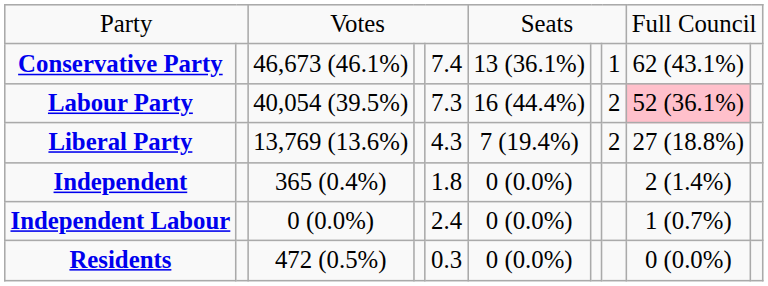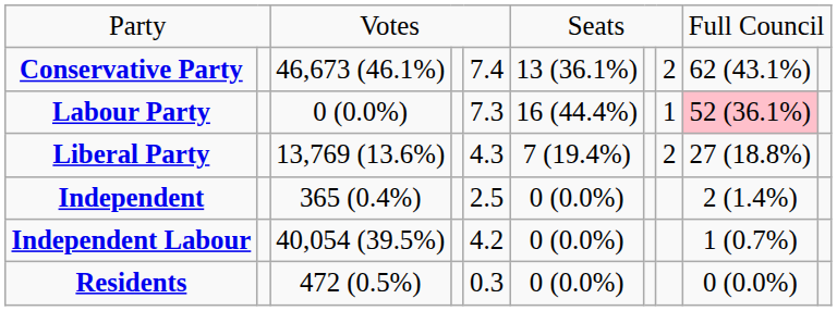 <table class=wikitable style="text-align:center;">
 <tr>
 <td colspan=2>Party</td>
 <td colspan=3>Votes</td>
 <td colspan=3>Seats</td>
 <td colspan=3>Full Council</td>
 </tr>
 <tr>
 <td><strong><a href='#'>Conservative Party</a></strong></td>
 <td style="background:"></td>
 <td>46,673 (46.1%)</td>
 <td></td>
 <td> 7.4</td>
 <td>13 (36.1%)</td>
 <td></td>
-<td> 1</td>
+<td> 2</td>
 <td>62 (43.1%)</td>
 <td></td>
 </tr>
 <tr>
 <td><strong><a href='#'>Labour Party</a></strong></td>
 <td style="background:"></td>
-<td>40,054 (39.5%)</td>
+<td>0 (0.0%)</td>
 <td></td>
 <td> 7.3</td>
 <td>16 (44.4%)</td>
 <td></td>
-<td> 2</td>
+<td> 1</td>
 <td style="background: pink;">52 (36.1%)</td>
 <td></td>
 </tr>
 <tr>
 <td><strong><a href='#'>Liberal Party</a></strong></td>
 <td style="background:"></td>
 <td>13,769 (13.6%)</td>
 <td></td>
 <td> 4.3</td>
 <td>7 (19.4%)</td>
 <td></td>
 <td> 2</td>
 <td>27 (18.8%)</td>
 <td></td>
 </tr>
 <tr>
 <td><strong><a href='#'>Independent</a></strong></td>
 <td style="background:"></td>
 <td>365 (0.4%)</td>
 <td></td>
-<td> 1.8</td>
+<td> 2.5</td>
 <td>0 (0.0%)</td>
 <td></td>
 <td></td>
 <td>2 (1.4%)</td>
 <td></td>
 </tr>
 <tr>
 <td><strong><a href='#'>Independent Labour</a></strong></td>
 <td style="background:"></td>
-<td>0 (0.0%)</td>
+<td>40,054 (39.5%)</td>
 <td></td>
-<td> 2.4</td>
+<td> 4.2</td>
 <td>0 (0.0%)</td>
 <td></td>
 <td></td>
 <td>1 (0.7%)</td>
 <td></td>
 </tr>
 <tr>
 <td><strong><a href='#'>Residents</a></strong></td>
 <td style="background:"></td>
 <td>472 (0.5%)</td>
 <td></td>
 <td> 0.3</td>
 <td>0 (0.0%)</td>
 <td></td>
 <td></td>
 <td>0 (0.0%)</td>
 <td></td>
 </tr>
 </table>
